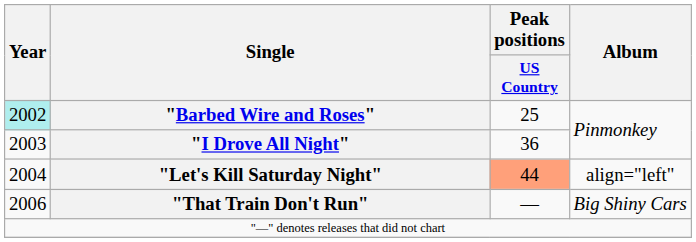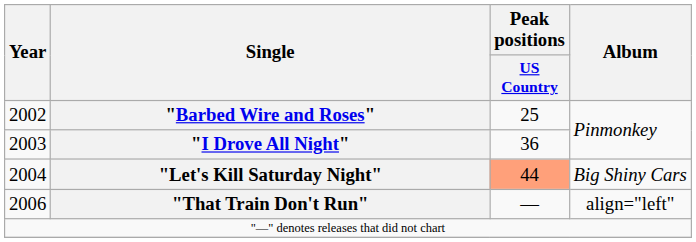 <table class="wikitable plainrowheaders" style="text-align:center;">
 <tr>
 <th rowspan="2">Year</th>
 <th rowspan="2" style="width:23em;">Single</th>
 <th colspan="1">Peak positions</th>
 <th rowspan="2">Album</th>
 </tr>
 <tr style="font-size:smaller;">
 <th width="60"><a href='#'>US Country</a></th>
 </tr>
 <tr>
-<td style="background: paleturquoise;">2002</td>
+<td>2002</td>
 <th scope="row">"<a href='#'>Barbed Wire and Roses</a>"</th>
 <td>25</td>
 <td align="left" rowspan="2"><em>Pinmonkey</em></td>
 </tr>
 <tr>
 <td>2003</td>
 <th scope="row">"<a href='#'>I Drove All Night</a>"</th>
 <td>36</td>
 </tr>
 <tr>
 <td>2004</td>
 <th scope="row">"Let's Kill Saturday Night"</th>
 <td style="background: lightsalmon;">44</td>
-<td>align="left" </td>
+<td align="left"><em>Big Shiny Cars</em></td>
 </tr>
 <tr>
 <td>2006</td>
 <th scope="row">"That Train Don't Run"</th>
 <td>—</td>
-<td align="left"><em>Big Shiny Cars</em></td>
+<td>align="left" </td>
 </tr>
 <tr>
 <td colspan="4" style="font-size:8pt">"—" denotes releases that did not chart</td>
 </tr>
 <tr>
 </tr>
 </table>
